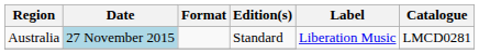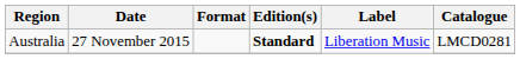 <table class="wikitable plainrowheaders">
 <tr>
 <th scope="col">Region</th>
 <th scope="col">Date</th>
 <th scope="col">Format</th>
 <th scope="col">Edition(s)</th>
 <th scope="col">Label</th>
 <th scope="col">Catalogue</th>
 </tr>
 <tr>
 <td>Australia</td>
-<td style="background: lightblue;">27 November 2015</td>
+<td>27 November 2015</td>
 <td></td>
-<td>Standard</td>
+<td><strong>Standard</strong></td>
 <td rowspan="2"><a href='#'>Liberation Music</a></td>
 <td>LMCD0281</td>
 </tr>
 <tr>
 </tr>
 </table>
